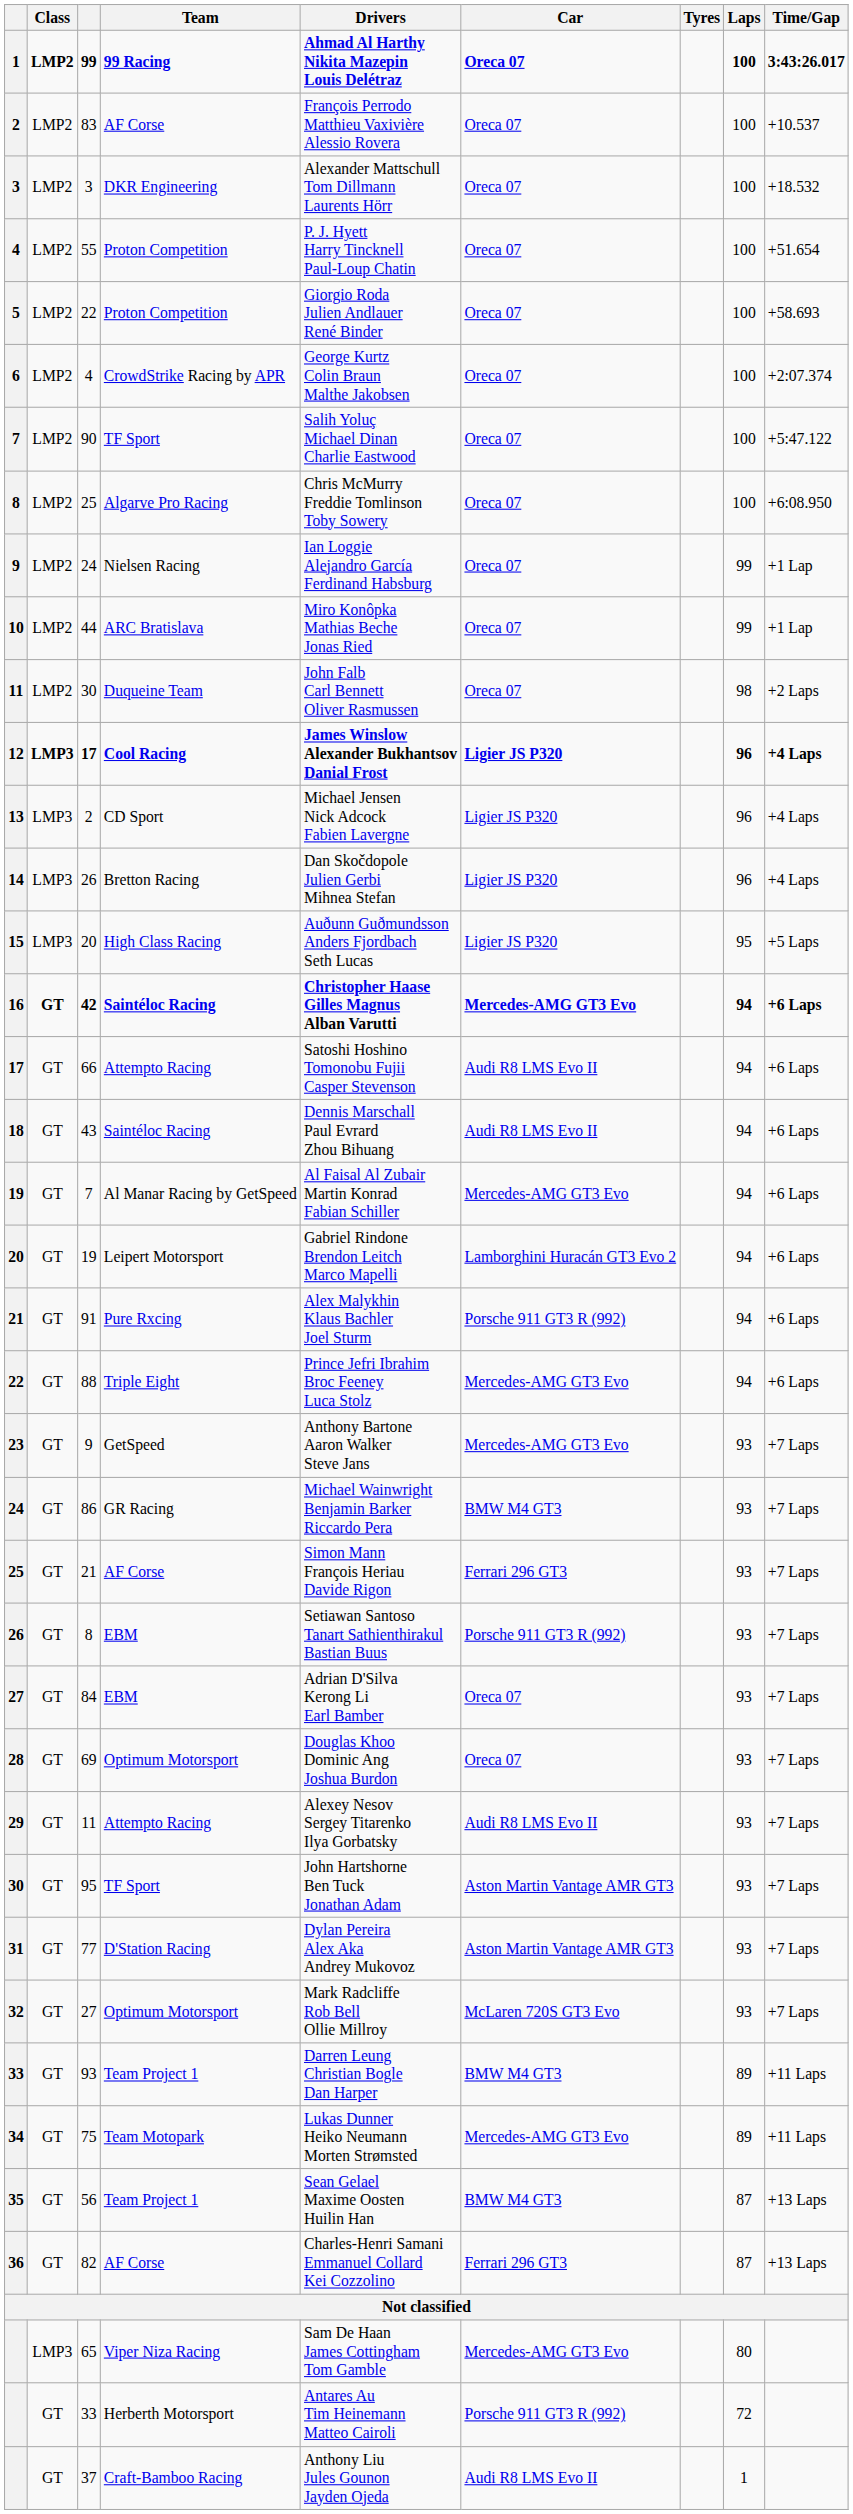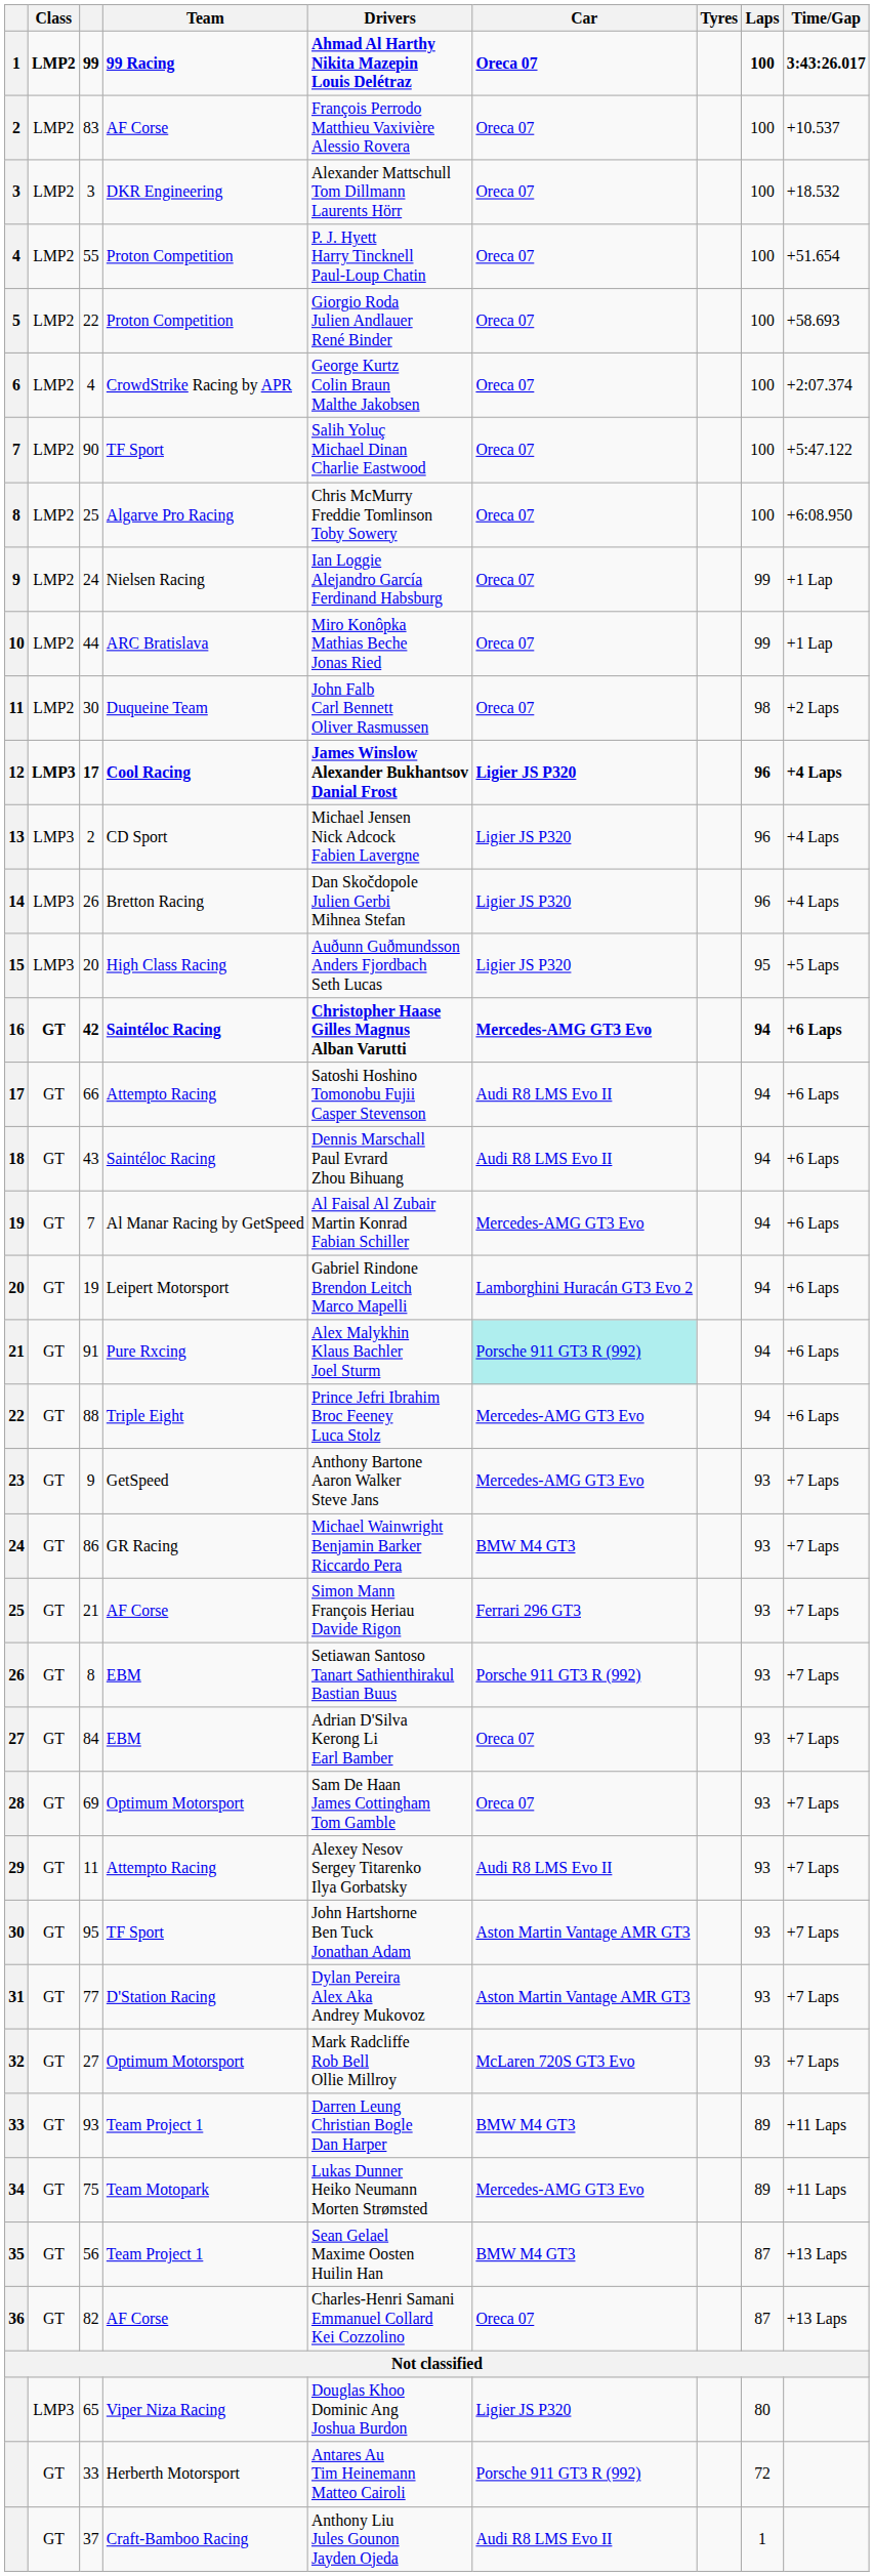 <table class="wikitable" style="font-size:95%;">
 <tr>
 <th></th>
 <th>Class</th>
 <th></th>
 <th>Team</th>
 <th>Drivers</th>
 <th>Car</th>
 <th>Tyres</th>
 <th>Laps</th>
 <th>Time/Gap</th>
 </tr>
 <tr style="font-weight: bold;">
 <th>1</th>
 <td align="center">LMP2</td>
 <td align="center">99</td>
 <td> <a href='#'>99 Racing</a></td>
 <td> <a href='#'>Ahmad Al Harthy</a><br> <a href='#'>Nikita Mazepin</a><br> <a href='#'>Louis Delétraz</a></td>
 <td><a href='#'>Oreca 07</a></td>
 <td align="center"></td>
 <td align="center">100</td>
 <td align="center">3:43:26.017</td>
 </tr>
 <tr>
 <th>2</th>
 <td align="center">LMP2</td>
 <td align="center">83</td>
 <td> <a href='#'>AF Corse</a></td>
 <td> <a href='#'>François Perrodo</a><br> <a href='#'>Matthieu Vaxivière</a><br> <a href='#'>Alessio Rovera</a></td>
 <td><a href='#'>Oreca 07</a></td>
 <td align="center"></td>
 <td align="center">100</td>
 <td>+10.537</td>
 </tr>
 <tr>
 <th>3</th>
 <td align="center">LMP2</td>
 <td align="center">3</td>
 <td> <a href='#'>DKR Engineering</a></td>
 <td> Alexander Mattschull<br> <a href='#'>Tom Dillmann</a><br> <a href='#'>Laurents Hörr</a></td>
 <td><a href='#'>Oreca 07</a></td>
 <td align="center"></td>
 <td align="center">100</td>
 <td>+18.532</td>
 </tr>
 <tr>
 <th>4</th>
 <td align="center">LMP2</td>
 <td align="center">55</td>
 <td> <a href='#'>Proton Competition</a></td>
 <td> <a href='#'>P. J. Hyett</a><br> <a href='#'>Harry Tincknell</a><br> <a href='#'>Paul-Loup Chatin</a></td>
 <td><a href='#'>Oreca 07</a></td>
 <td align="center"></td>
 <td align="center">100</td>
 <td>+51.654</td>
 </tr>
 <tr>
 <th>5</th>
 <td align="center">LMP2</td>
 <td align="center">22</td>
 <td> <a href='#'>Proton Competition</a></td>
 <td> <a href='#'>Giorgio Roda</a><br> <a href='#'>Julien Andlauer</a><br> <a href='#'>René Binder</a></td>
 <td><a href='#'>Oreca 07</a></td>
 <td align="center"></td>
 <td align="center">100</td>
 <td>+58.693</td>
 </tr>
 <tr>
 <th>6</th>
 <td align="center">LMP2</td>
 <td align="center">4</td>
 <td> <a href='#'>CrowdStrike</a> Racing by <a href='#'>APR</a></td>
 <td> <a href='#'>George Kurtz</a><br> <a href='#'>Colin Braun</a><br> <a href='#'>Malthe Jakobsen</a></td>
 <td><a href='#'>Oreca 07</a></td>
 <td align="center"></td>
 <td align="center">100</td>
 <td>+2:07.374</td>
 </tr>
 <tr>
 <th>7</th>
 <td align="center">LMP2</td>
 <td align="center">90</td>
 <td> <a href='#'>TF Sport</a></td>
 <td> <a href='#'>Salih Yoluç</a><br> <a href='#'>Michael Dinan</a><br> <a href='#'>Charlie Eastwood</a></td>
 <td><a href='#'>Oreca 07</a></td>
 <td align="center"></td>
 <td align="center">100</td>
 <td>+5:47.122</td>
 </tr>
 <tr>
 <th>8</th>
 <td align="center">LMP2</td>
 <td align="center">25</td>
 <td> <a href='#'>Algarve Pro Racing</a></td>
 <td> Chris McMurry<br> Freddie Tomlinson<br> <a href='#'>Toby Sowery</a></td>
 <td><a href='#'>Oreca 07</a></td>
 <td align="center"></td>
 <td align="center">100</td>
 <td>+6:08.950</td>
 </tr>
 <tr>
 <th>9</th>
 <td align="center">LMP2</td>
 <td align="center">24</td>
 <td> Nielsen Racing</td>
 <td> <a href='#'>Ian Loggie</a><br> <a href='#'>Alejandro García</a><br> <a href='#'>Ferdinand Habsburg</a></td>
 <td><a href='#'>Oreca 07</a></td>
 <td align="center"></td>
 <td align="center">99</td>
 <td>+1 Lap</td>
 </tr>
 <tr>
 <th>10</th>
 <td align="center">LMP2</td>
 <td align="center">44</td>
 <td> <a href='#'>ARC Bratislava</a></td>
 <td> <a href='#'>Miro Konôpka</a><br> <a href='#'>Mathias Beche</a><br> <a href='#'>Jonas Ried</a></td>
 <td><a href='#'>Oreca 07</a></td>
 <td align="center"></td>
 <td align="center">99</td>
 <td>+1 Lap</td>
 </tr>
 <tr>
 <th>11</th>
 <td align="center">LMP2</td>
 <td align="center">30</td>
 <td> <a href='#'>Duqueine Team</a></td>
 <td> <a href='#'>John Falb</a><br> <a href='#'>Carl Bennett</a><br> <a href='#'>Oliver Rasmussen</a></td>
 <td><a href='#'>Oreca 07</a></td>
 <td align="center"></td>
 <td align="center">98</td>
 <td>+2 Laps</td>
 </tr>
 <tr style="font-weight: bold;">
 <th>12</th>
 <td align="center">LMP3</td>
 <td align="center">17</td>
 <td> <a href='#'>Cool Racing</a></td>
 <td> <a href='#'>James Winslow</a><br> Alexander Bukhantsov<br> <a href='#'>Danial Frost</a></td>
 <td><a href='#'>Ligier JS P320</a></td>
 <td align="center"></td>
 <td align="center">96</td>
 <td>+4 Laps</td>
 </tr>
 <tr>
 <th>13</th>
 <td align="center">LMP3</td>
 <td align="center">2</td>
 <td> CD Sport</td>
 <td> Michael Jensen<br> Nick Adcock<br> <a href='#'>Fabien Lavergne</a></td>
 <td><a href='#'>Ligier JS P320</a></td>
 <td align="center"></td>
 <td align="center">96</td>
 <td>+4 Laps</td>
 </tr>
 <tr>
 <th>14</th>
 <td align="center">LMP3</td>
 <td align="center">26</td>
 <td> Bretton Racing</td>
 <td> Dan Skočdopole<br> <a href='#'>Julien Gerbi</a><br> Mihnea Stefan</td>
 <td><a href='#'>Ligier JS P320</a></td>
 <td align="center"></td>
 <td align="center">96</td>
 <td>+4 Laps</td>
 </tr>
 <tr>
 <th>15</th>
 <td align="center">LMP3</td>
 <td align="center">20</td>
 <td> <a href='#'>High Class Racing</a></td>
 <td> <a href='#'>Auðunn Guðmundsson</a><br> <a href='#'>Anders Fjordbach</a><br> Seth Lucas</td>
 <td><a href='#'>Ligier JS P320</a></td>
 <td align="center"></td>
 <td align="center">95</td>
 <td>+5 Laps</td>
 </tr>
 <tr style="font-weight: bold;">
 <th>16</th>
 <td align="center">GT</td>
 <td align="center">42</td>
 <td> <a href='#'>Saintéloc Racing</a></td>
 <td> <a href='#'>Christopher Haase</a><br> <a href='#'>Gilles Magnus</a><br> Alban Varutti</td>
 <td><a href='#'>Mercedes-AMG GT3 Evo</a></td>
 <td align="center"></td>
 <td align="center">94</td>
 <td>+6 Laps</td>
 </tr>
 <tr>
 <th>17</th>
 <td align="center">GT</td>
 <td align="center">66</td>
 <td> <a href='#'>Attempto Racing</a></td>
 <td> Satoshi Hoshino<br> <a href='#'>Tomonobu Fujii</a><br> <a href='#'>Casper Stevenson</a></td>
 <td><a href='#'>Audi R8 LMS Evo II</a></td>
 <td align="center"></td>
 <td align="center">94</td>
 <td>+6 Laps</td>
 </tr>
 <tr>
 <th>18</th>
 <td align="center">GT</td>
 <td align="center">43</td>
 <td> <a href='#'>Saintéloc Racing</a></td>
 <td> <a href='#'>Dennis Marschall</a><br> Paul Evrard<br> Zhou Bihuang</td>
 <td><a href='#'>Audi R8 LMS Evo II</a></td>
 <td align="center"></td>
 <td align="center">94</td>
 <td>+6 Laps</td>
 </tr>
 <tr>
 <th>19</th>
 <td align="center">GT</td>
 <td align="center">7</td>
 <td> Al Manar Racing by GetSpeed</td>
 <td> <a href='#'>Al Faisal Al Zubair</a><br> Martin Konrad<br> <a href='#'>Fabian Schiller</a></td>
 <td><a href='#'>Mercedes-AMG GT3 Evo</a></td>
 <td align="center"></td>
 <td align="center">94</td>
 <td>+6 Laps</td>
 </tr>
 <tr>
 <th>20</th>
 <td align="center">GT</td>
 <td align="center">19</td>
 <td> Leipert Motorsport</td>
 <td> Gabriel Rindone<br> <a href='#'>Brendon Leitch</a><br> <a href='#'>Marco Mapelli</a></td>
 <td><a href='#'>Lamborghini Huracán GT3 Evo 2</a></td>
 <td align="center"></td>
 <td align="center">94</td>
 <td>+6 Laps</td>
 </tr>
 <tr>
 <th>21</th>
 <td align="center">GT</td>
 <td align="center">91</td>
 <td> <a href='#'>Pure Rxcing</a></td>
 <td> <a href='#'>Alex Malykhin</a><br> <a href='#'>Klaus Bachler</a><br> <a href='#'>Joel Sturm</a></td>
-<td><a href='#'>Porsche 911 GT3 R (992)</a></td>
+<td style="background: paleturquoise;"><a href='#'>Porsche 911 GT3 R (992)</a></td>
 <td align="center"></td>
 <td align="center">94</td>
 <td>+6 Laps</td>
 </tr>
 <tr>
 <th>22</th>
 <td align="center">GT</td>
 <td align="center">88</td>
 <td> <a href='#'>Triple Eight</a></td>
 <td> <a href='#'>Prince Jefri Ibrahim</a><br> <a href='#'>Broc Feeney</a><br> <a href='#'>Luca Stolz</a></td>
 <td><a href='#'>Mercedes-AMG GT3 Evo</a></td>
 <td align="center"></td>
 <td align="center">94</td>
 <td>+6 Laps</td>
 </tr>
 <tr>
 <th>23</th>
 <td align="center">GT</td>
 <td align="center">9</td>
 <td> GetSpeed</td>
 <td> Anthony Bartone<br> Aaron Walker<br> Steve Jans</td>
 <td><a href='#'>Mercedes-AMG GT3 Evo</a></td>
 <td align="center"></td>
 <td align="center">93</td>
 <td>+7 Laps</td>
 </tr>
 <tr>
 <th>24</th>
 <td align="center">GT</td>
 <td align="center">86</td>
 <td> GR Racing</td>
 <td> <a href='#'>Michael Wainwright</a><br> <a href='#'>Benjamin Barker</a><br> <a href='#'>Riccardo Pera</a></td>
 <td><a href='#'>BMW M4 GT3</a></td>
 <td align="center"></td>
 <td align="center">93</td>
 <td>+7 Laps</td>
 </tr>
 <tr>
 <th>25</th>
 <td align="center">GT</td>
 <td align="center">21</td>
 <td> <a href='#'>AF Corse</a></td>
 <td> <a href='#'>Simon Mann</a><br> François Heriau<br> <a href='#'>Davide Rigon</a></td>
 <td><a href='#'>Ferrari 296 GT3</a></td>
 <td align="center"></td>
 <td align="center">93</td>
 <td>+7 Laps</td>
 </tr>
 <tr>
 <th>26</th>
 <td align="center">GT</td>
 <td align="center">8</td>
 <td> <a href='#'>EBM</a></td>
 <td> Setiawan Santoso<br> <a href='#'>Tanart Sathienthirakul</a><br> <a href='#'>Bastian Buus</a></td>
 <td><a href='#'>Porsche 911 GT3 R (992)</a></td>
 <td align="center"></td>
 <td align="center">93</td>
 <td>+7 Laps</td>
 </tr>
 <tr>
 <th>27</th>
 <td align="center">GT</td>
 <td align="center">84</td>
 <td> <a href='#'>EBM</a></td>
 <td> Adrian D'Silva<br> Kerong Li<br> <a href='#'>Earl Bamber</a></td>
 <td><a href='#'>Oreca 07</a></td>
 <td align="center"></td>
 <td align="center">93</td>
 <td>+7 Laps</td>
 </tr>
 <tr>
 <th>28</th>
 <td align="center">GT</td>
 <td align="center">69</td>
 <td> <a href='#'>Optimum Motorsport</a></td>
-<td> <a href='#'>Douglas Khoo</a><br> Dominic Ang<br> <a href='#'>Joshua Burdon</a></td>
+<td> Sam De Haan<br> <a href='#'>James Cottingham</a><br> <a href='#'>Tom Gamble</a></td>
 <td><a href='#'>Oreca 07</a></td>
 <td align="center"></td>
 <td align="center">93</td>
 <td>+7 Laps</td>
 </tr>
 <tr>
 <th>29</th>
 <td align="center">GT</td>
 <td align="center">11</td>
 <td> <a href='#'>Attempto Racing</a></td>
 <td> Alexey Nesov<br> Sergey Titarenko<br> Ilya Gorbatsky</td>
 <td><a href='#'>Audi R8 LMS Evo II</a></td>
 <td align="center"></td>
 <td align="center">93</td>
 <td>+7 Laps</td>
 </tr>
 <tr>
 <th>30</th>
 <td align="center">GT</td>
 <td align="center">95</td>
 <td> <a href='#'>TF Sport</a></td>
 <td> John Hartshorne<br> Ben Tuck<br> <a href='#'>Jonathan Adam</a></td>
 <td><a href='#'>Aston Martin Vantage AMR GT3</a></td>
 <td align="center"></td>
 <td align="center">93</td>
 <td>+7 Laps</td>
 </tr>
 <tr>
 <th>31</th>
 <td align="center">GT</td>
 <td align="center">77</td>
 <td> <a href='#'>D'Station Racing</a></td>
 <td> <a href='#'>Dylan Pereira</a><br> <a href='#'>Alex Aka</a><br> Andrey Mukovoz</td>
 <td><a href='#'>Aston Martin Vantage AMR GT3</a></td>
 <td align="center"></td>
 <td align="center">93</td>
 <td>+7 Laps</td>
 </tr>
 <tr>
 <th>32</th>
 <td align="center">GT</td>
 <td align="center">27</td>
 <td> <a href='#'>Optimum Motorsport</a></td>
 <td> Mark Radcliffe<br> <a href='#'>Rob Bell</a><br> Ollie Millroy</td>
 <td><a href='#'>McLaren 720S GT3 Evo</a></td>
 <td align="center"></td>
 <td align="center">93</td>
 <td>+7 Laps</td>
 </tr>
 <tr>
 <th>33</th>
 <td align="center">GT</td>
 <td align="center">93</td>
 <td> <a href='#'>Team Project 1</a></td>
 <td> <a href='#'>Darren Leung</a><br> <a href='#'>Christian Bogle</a><br> <a href='#'>Dan Harper</a></td>
 <td><a href='#'>BMW M4 GT3</a></td>
 <td align="center"></td>
 <td align="center">89</td>
 <td>+11 Laps</td>
 </tr>
 <tr>
 <th>34</th>
 <td align="center">GT</td>
 <td align="center">75</td>
 <td> <a href='#'>Team Motopark</a></td>
 <td> <a href='#'>Lukas Dunner</a><br> Heiko Neumann<br> Morten Strømsted</td>
 <td><a href='#'>Mercedes-AMG GT3 Evo</a></td>
 <td align="center"></td>
 <td align="center">89</td>
 <td>+11 Laps</td>
 </tr>
 <tr>
 <th>35</th>
 <td align="center">GT</td>
 <td align="center">56</td>
 <td> <a href='#'>Team Project 1</a></td>
 <td> <a href='#'>Sean Gelael</a><br> Maxime Oosten<br> Huilin Han</td>
 <td><a href='#'>BMW M4 GT3</a></td>
 <td align="center"></td>
 <td align="center">87</td>
 <td>+13 Laps</td>
 </tr>
 <tr>
 <th>36</th>
 <td align="center">GT</td>
 <td align="center">82</td>
 <td> <a href='#'>AF Corse</a></td>
 <td> Charles-Henri Samani<br> <a href='#'>Emmanuel Collard</a><br> <a href='#'>Kei Cozzolino</a></td>
-<td><a href='#'>Ferrari 296 GT3</a></td>
+<td><a href='#'>Oreca 07</a></td>
 <td align="center"></td>
 <td align="center">87</td>
 <td>+13 Laps</td>
 </tr>
 <tr>
 <th colspan="9">Not classified</th>
 </tr>
 <tr>
 <th></th>
 <td align="center">LMP3</td>
 <td align="center">65</td>
 <td> <a href='#'>Viper Niza Racing</a></td>
-<td> Sam De Haan<br> <a href='#'>James Cottingham</a><br> <a href='#'>Tom Gamble</a></td>
-<td><a href='#'>Mercedes-AMG GT3 Evo</a></td>
+<td> <a href='#'>Douglas Khoo</a><br> Dominic Ang<br> <a href='#'>Joshua Burdon</a></td>
+<td><a href='#'>Ligier JS P320</a></td>
 <td align="center"></td>
 <td align="center">80</td>
 <td></td>
 </tr>
 <tr>
 <th></th>
 <td align="center">GT</td>
 <td align="center">33</td>
 <td> Herberth Motorsport</td>
 <td> <a href='#'>Antares Au</a><br> <a href='#'>Tim Heinemann</a><br> <a href='#'>Matteo Cairoli</a></td>
 <td><a href='#'>Porsche 911 GT3 R (992)</a></td>
 <td align="center"></td>
 <td align="center">72</td>
 <td></td>
 </tr>
 <tr>
 <th></th>
 <td align="center">GT</td>
 <td align="center">37</td>
 <td> <a href='#'>Craft-Bamboo Racing</a></td>
 <td> Anthony Liu<br> <a href='#'>Jules Gounon</a><br> <a href='#'>Jayden Ojeda</a></td>
 <td><a href='#'>Audi R8 LMS Evo II</a></td>
 <td align="center"></td>
 <td align="center">1</td>
 <td></td>
 </tr>
 </table>
